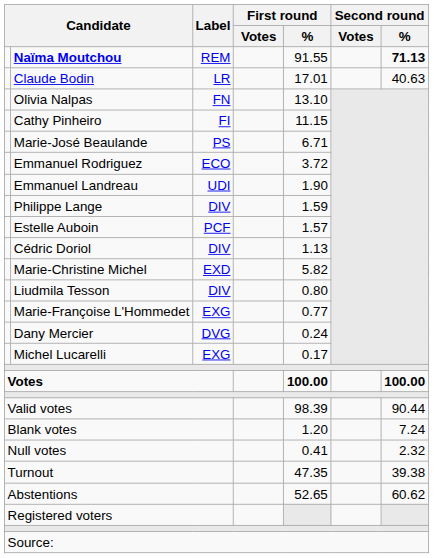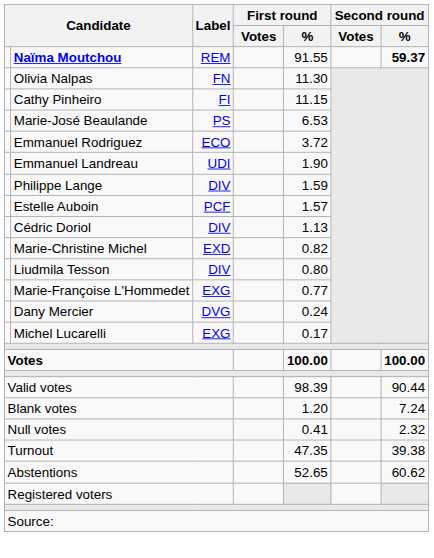 <table class="wikitable" style="text-align:right;font-size:95%;">
 <tr>
 <th rowspan="2" colspan="2">Candidate</th>
 <th rowspan="2">Label</th>
 <th colspan="2">First round</th>
 <th colspan="2">Second round</th>
 </tr>
 <tr>
 <th style="width:50px;">Votes</th>
 <th style="width:45px;">%</th>
 <th style="width:50px;">Votes</th>
 <th style="width:45px;">%</th>
 </tr>
 <tr>
 <td style="color:inherit;background:"></td>
 <td style="text-align:left;"><strong><a href='#'>Naïma Moutchou</a></strong></td>
 <td><a href='#'>REM</a></td>
 <td></td>
 <td>91.55</td>
 <td><strong></strong></td>
-<td><strong>71.13</strong></td>
-</tr>
-<tr>
-<td style="color:inherit;background:"></td>
-<td style="text-align:left;"><a href='#'>Claude Bodin</a></td>
-<td><a href='#'>LR</a></td>
-<td></td>
-<td>17.01</td>
-<td></td>
-<td>40.63</td>
+<td><strong>59.37</strong></td>
 </tr>
 <tr>
 <td style="color:inherit;background:"></td>
 <td style="text-align:left;">Olivia Nalpas</td>
 <td><a href='#'>FN</a></td>
 <td></td>
-<td>13.10</td>
+<td>11.30</td>
 <td colspan="2" rowspan="13" style="background:#E9E9E9;"></td>
 </tr>
 <tr>
 <td style="color:inherit;background:"></td>
 <td style="text-align:left;">Cathy Pinheiro</td>
 <td><a href='#'>FI</a></td>
 <td></td>
 <td>11.15</td>
 </tr>
 <tr>
 <td style="color:inherit;background:"></td>
 <td style="text-align:left;">Marie-José Beaulande</td>
 <td><a href='#'>PS</a></td>
 <td></td>
-<td>6.71</td>
+<td>6.53</td>
 </tr>
 <tr>
 <td style="color:inherit;background:"></td>
 <td style="text-align:left;">Emmanuel Rodriguez</td>
 <td><a href='#'>ECO</a></td>
 <td></td>
 <td>3.72</td>
 </tr>
 <tr>
 <td style="color:inherit;background:"></td>
 <td style="text-align:left;">Emmanuel Landreau</td>
 <td><a href='#'>UDI</a></td>
 <td></td>
 <td>1.90</td>
 </tr>
 <tr>
 <td style="color:inherit;background:"></td>
 <td style="text-align:left;">Philippe Lange</td>
 <td><a href='#'>DIV</a></td>
 <td></td>
 <td>1.59</td>
 </tr>
 <tr>
 <td style="color:inherit;background:"></td>
 <td style="text-align:left;">Estelle Auboin</td>
 <td><a href='#'>PCF</a></td>
 <td></td>
 <td>1.57</td>
 </tr>
 <tr>
 <td style="color:inherit;background:"></td>
 <td style="text-align:left;">Cédric Doriol</td>
 <td><a href='#'>DIV</a></td>
 <td></td>
 <td>1.13</td>
 </tr>
 <tr>
 <td style="color:inherit;background:"></td>
 <td style="text-align:left;">Marie-Christine Michel</td>
 <td><a href='#'>EXD</a></td>
 <td></td>
-<td>5.82</td>
+<td>0.82</td>
 </tr>
 <tr>
 <td style="color:inherit;background:"></td>
 <td style="text-align:left;">Liudmila Tesson</td>
 <td><a href='#'>DIV</a></td>
 <td></td>
 <td>0.80</td>
 </tr>
 <tr>
 <td style="color:inherit;background:"></td>
 <td style="text-align:left;">Marie-Françoise L'Hommedet</td>
 <td><a href='#'>EXG</a></td>
 <td></td>
 <td>0.77</td>
 </tr>
 <tr>
 <td style="color:inherit;background:"></td>
 <td style="text-align:left;">Dany Mercier</td>
 <td><a href='#'>DVG</a></td>
 <td></td>
 <td>0.24</td>
 </tr>
 <tr>
 <td style="color:inherit;background:"></td>
 <td style="text-align:left;">Michel Lucarelli</td>
 <td><a href='#'>EXG</a></td>
 <td></td>
 <td>0.17</td>
 </tr>
 <tr>
 <td colspan="7" style="background:#E9E9E9;"></td>
 </tr>
 <tr style="font-weight:bold;">
 <td colspan="3" style="text-align:left;">Votes</td>
 <td></td>
 <td>100.00</td>
 <td></td>
 <td>100.00</td>
 </tr>
 <tr>
 <td colspan="7" style="background:#E9E9E9;"></td>
 </tr>
 <tr>
 <td colspan="3" style="text-align:left;">Valid votes</td>
 <td></td>
 <td>98.39</td>
 <td></td>
 <td>90.44</td>
 </tr>
 <tr>
 <td colspan="3" style="text-align:left;">Blank votes</td>
 <td></td>
 <td>1.20</td>
 <td></td>
 <td>7.24</td>
 </tr>
 <tr>
 <td colspan="3" style="text-align:left;">Null votes</td>
 <td></td>
 <td>0.41</td>
 <td></td>
 <td>2.32</td>
 </tr>
 <tr>
 <td colspan="3" style="text-align:left;">Turnout</td>
 <td></td>
 <td>47.35</td>
 <td></td>
 <td>39.38</td>
 </tr>
 <tr>
 <td colspan="3" style="text-align:left;">Abstentions</td>
 <td></td>
 <td>52.65</td>
 <td></td>
 <td>60.62</td>
 </tr>
 <tr>
 <td colspan="3" style="text-align:left;">Registered voters</td>
 <td></td>
 <td style="color:inherit;background:#E9E9E9;"></td>
 <td></td>
 <td style="color:inherit;background:#E9E9E9;"></td>
 </tr>
 <tr>
 <td colspan="7" style="background:#E9E9E9;"></td>
 </tr>
 <tr>
 <td colspan="7" style="text-align:left;">Source: </td>
 </tr>
 </table>
